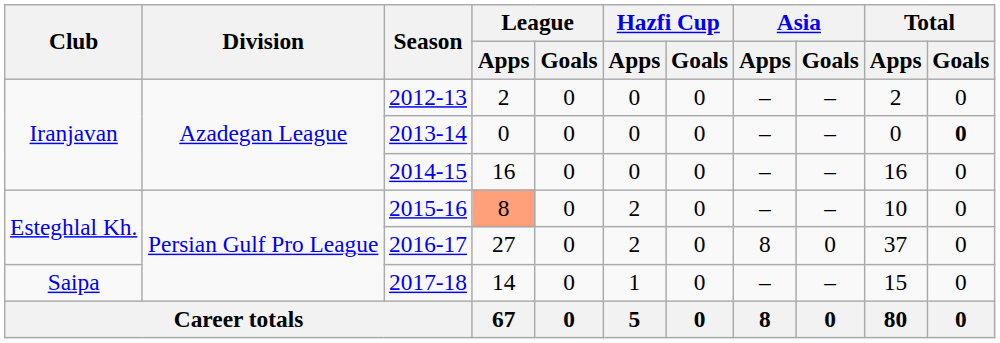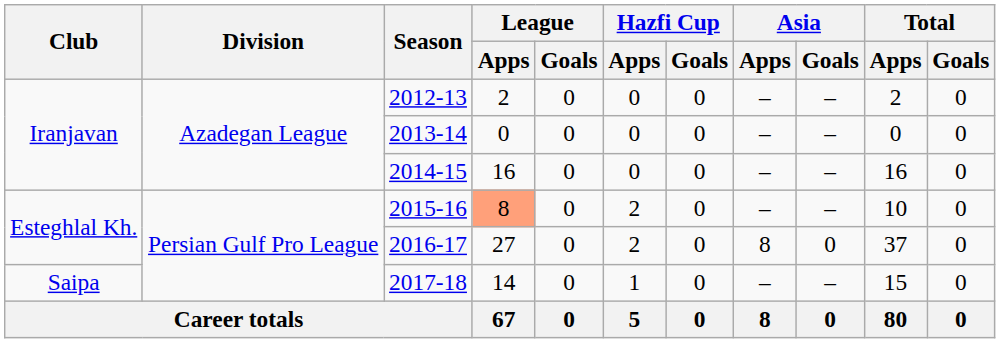 <table class="wikitable" style="text-align: center;">
 <tr>
 <th rowspan="2">Club</th>
 <th rowspan="2">Division</th>
 <th rowspan="2">Season</th>
 <th colspan="2">League</th>
 <th colspan="2"><a href='#'>Hazfi Cup</a></th>
 <th colspan="2"><a href='#'>Asia</a></th>
 <th colspan="2">Total</th>
 </tr>
 <tr>
 <th>Apps</th>
 <th>Goals</th>
 <th>Apps</th>
 <th>Goals</th>
 <th>Apps</th>
 <th>Goals</th>
 <th>Apps</th>
 <th>Goals</th>
 </tr>
 <tr>
 <td rowspan="3"><a href='#'>Iranjavan</a></td>
 <td rowspan="3"><a href='#'>Azadegan League</a></td>
 <td><a href='#'>2012-13</a></td>
 <td>2</td>
 <td>0</td>
 <td>0</td>
 <td>0</td>
 <td>–</td>
 <td>–</td>
 <td>2</td>
 <td>0</td>
 </tr>
 <tr>
 <td><a href='#'>2013-14</a></td>
 <td>0</td>
 <td>0</td>
 <td>0</td>
 <td>0</td>
 <td>–</td>
 <td>–</td>
 <td>0</td>
-<td><strong>0</strong></td>
+<td>0</td>
 </tr>
 <tr>
 <td><a href='#'>2014-15</a></td>
 <td>16</td>
 <td>0</td>
 <td>0</td>
 <td>0</td>
 <td>–</td>
 <td>–</td>
 <td>16</td>
 <td>0</td>
 </tr>
 <tr>
 <td rowspan="2"><a href='#'>Esteghlal Kh.</a></td>
 <td rowspan="3"><a href='#'>Persian Gulf Pro League</a></td>
 <td><a href='#'>2015-16</a></td>
 <td style="background: lightsalmon;">8</td>
 <td>0</td>
 <td>2</td>
 <td>0</td>
 <td>–</td>
 <td>–</td>
 <td>10</td>
 <td>0</td>
 </tr>
 <tr>
 <td><a href='#'>2016-17</a></td>
 <td>27</td>
 <td>0</td>
 <td>2</td>
 <td>0</td>
 <td>8</td>
 <td>0</td>
 <td>37</td>
 <td>0</td>
 </tr>
 <tr>
 <td><a href='#'>Saipa</a></td>
 <td><a href='#'>2017-18</a></td>
 <td>14</td>
 <td>0</td>
 <td>1</td>
 <td>0</td>
 <td>–</td>
 <td>–</td>
 <td>15</td>
 <td>0</td>
 </tr>
 <tr>
 <th colspan="3">Career totals</th>
 <th>67</th>
 <th>0</th>
 <th>5</th>
 <th>0</th>
 <th>8</th>
 <th>0</th>
 <th>80</th>
 <th>0</th>
 </tr>
 </table>
